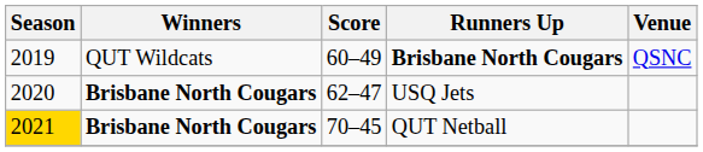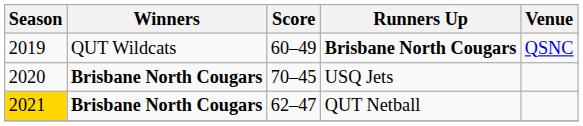 <table class="wikitable collapsible">
 <tr>
 <th>Season</th>
 <th>Winners</th>
 <th>Score</th>
 <th>Runners Up</th>
 <th>Venue</th>
 </tr>
 <tr>
 <td>2019</td>
 <td>QUT Wildcats</td>
 <td>60–49</td>
 <td><strong>Brisbane North Cougars</strong></td>
 <td><a href='#'>QSNC</a></td>
 </tr>
 <tr>
 <td>2020</td>
 <td><strong>Brisbane North Cougars</strong></td>
-<td>62–47</td>
+<td>70–45</td>
 <td>USQ Jets</td>
 <td></td>
 </tr>
 <tr>
 <td style="background: gold;">2021</td>
 <td><strong>Brisbane North Cougars</strong></td>
-<td>70–45</td>
+<td>62–47</td>
 <td>QUT Netball</td>
 <td></td>
 </tr>
 <tr>
 </tr>
 </table>
